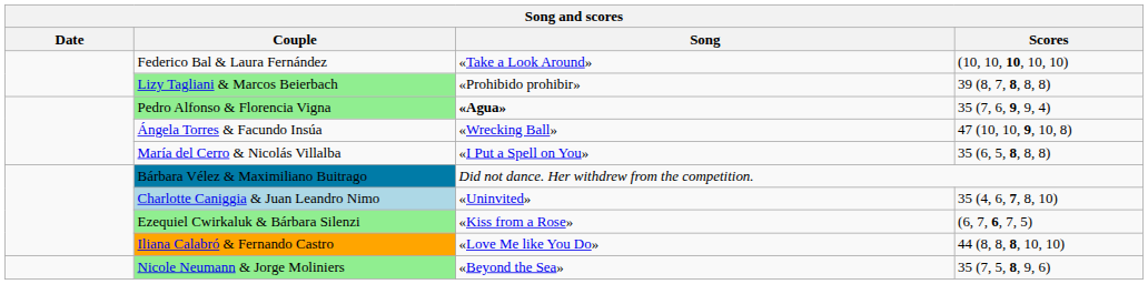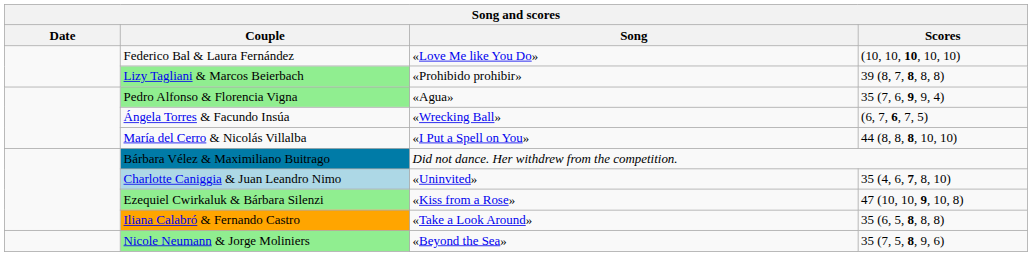 <table class="wikitable collapsible collapsed" style=" text-align: align; width: 100%;">
 <tr>
 <th colspan="11" style="with: 100%;" align="center">Song and scores</th>
 </tr>
 <tr>
 <th width=80>Date</th>
 <th width=210>Couple</th>
 <th width=330>Song</th>
 <th width=120>Scores</th>
 </tr>
 <tr>
 <td rowspan="2"></td>
 <td bgcolor="">Federico Bal & Laura Fernández</td>
-<td>«<a href='#'>Take a Look Around</a>» </td>
+<td>«<a href='#'>Love Me like You Do</a>» </td>
 <td> (10, 10, <strong>10</strong>, 10, 10)</td>
 </tr>
 <tr>
 <td bgcolor="lightgreen"><a href='#'>Lizy Tagliani</a> & Marcos Beierbach</td>
 <td>«Prohibido prohibir» </td>
 <td>39 (8, 7, <strong>8</strong>, 8, 8)</td>
 </tr>
 <tr>
 <td rowspan="3"></td>
 <td bgcolor="lightgreen">Pedro Alfonso & Florencia Vigna</td>
-<td><strong>«Agua» </strong></td>
+<td>«Agua» </td>
 <td>35 (7, 6, <strong>9</strong>, 9, 4)</td>
 </tr>
 <tr>
 <td bgcolor=""><a href='#'>Ángela Torres</a> & Facundo Insúa</td>
 <td>«<a href='#'>Wrecking Ball</a>» </td>
-<td>47 (10, 10, <strong>9</strong>, 10, 8)</td>
+<td> (6, 7, <strong>6</strong>, 7, 5)</td>
 </tr>
 <tr>
 <td bgcolor=""><a href='#'>María del Cerro</a> & Nicolás Villalba</td>
 <td>«<a href='#'>I Put a Spell on You</a>» </td>
-<td>35 (6, 5, <strong>8</strong>, 8, 8)</td>
+<td>44 (8, 8, <strong>8</strong>, 10, 10)</td>
 </tr>
 <tr>
 <td rowspan="4"></td>
 <td bgcolor="#007BA7">Bárbara Vélez & Maximiliano Buitrago</td>
 <td colspan="2"><em>Did not dance. Her withdrew from the competition.</em></td>
 </tr>
 <tr>
 <td bgcolor="lightblue"><a href='#'>Charlotte Caniggia</a> & Juan Leandro Nimo</td>
 <td>«<a href='#'>Uninvited</a>» </td>
 <td>35 (4, 6, <strong>7</strong>, 8, 10)</td>
 </tr>
 <tr>
 <td bgcolor="lightgreen">Ezequiel Cwirkaluk & Bárbara Silenzi</td>
 <td>«<a href='#'>Kiss from a Rose</a>» </td>
-<td> (6, 7, <strong>6</strong>, 7, 5)</td>
+<td>47 (10, 10, <strong>9</strong>, 10, 8)</td>
 </tr>
 <tr>
 <td bgcolor="orange"><a href='#'>Iliana Calabró</a> & Fernando Castro</td>
-<td>«<a href='#'>Love Me like You Do</a>» </td>
-<td>44 (8, 8, <strong>8</strong>, 10, 10)</td>
+<td>«<a href='#'>Take a Look Around</a>» </td>
+<td>35 (6, 5, <strong>8</strong>, 8, 8)</td>
 </tr>
 <tr>
 <td rowspan="1"></td>
 <td bgcolor="lightgreen"><a href='#'>Nicole Neumann</a> & Jorge Moliniers</td>
 <td>«<a href='#'>Beyond the Sea</a>» </td>
 <td>35 (7, 5, <strong>8</strong>, 9, 6)</td>
 </tr>
 </table>
